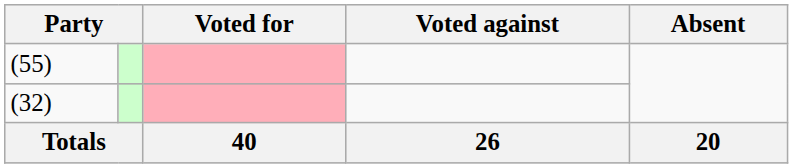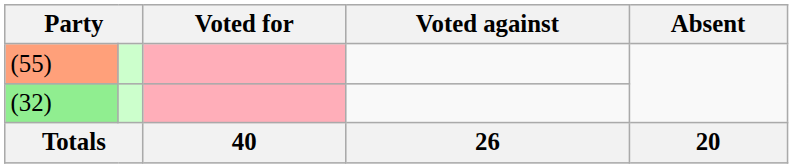 <table class="wikitable" style="width:40%;">
 <tr>
 <th colspan="2">Party</th>
 <th>Voted for</th>
 <th>Voted against</th>
 <th>Absent</th>
 </tr>
 <tr>
-<td> (55)</td>
+<td style="background: lightsalmon;"> (55)</td>
 <td style="background-color:#CCFFCC;"></td>
 <td style="background-color:#FFAEB9;"></td>
 <td></td>
 </tr>
 <tr>
-<td> (32)</td>
+<td style="background: lightgreen;"> (32)</td>
 <td style="background-color:#CCFFCC;"></td>
 <td style="background-color:#FFAEB9;"></td>
 <td></td>
 </tr>
 <tr>
 <th colspan="2">Totals</th>
 <th>40</th>
 <th>26</th>
 <th>20</th>
 </tr>
 </table>
